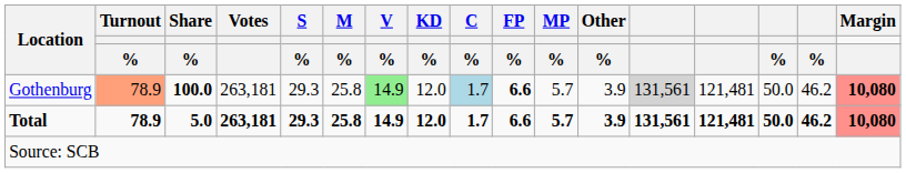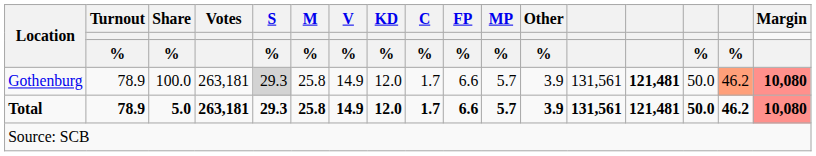 <table class="wikitable sortable" style="text-align:right; font-size:95%; line-height:20px;">
 <tr>
 <th rowspan="3">Location</th>
 <th>Turnout</th>
 <th>Share</th>
 <th>Votes</th>
 <th width="30px" class="unsortable"><a href='#'>S</a></th>
 <th width="30px" class="unsortable"><a href='#'>M</a></th>
 <th width="30px" class="unsortable"><a href='#'>V</a></th>
 <th width="30px" class="unsortable"><a href='#'>KD</a></th>
 <th width="30px" class="unsortable"><a href='#'>C</a></th>
 <th width="30px" class="unsortable"><a href='#'>FP</a></th>
 <th width="30px" class="unsortable"><a href='#'>MP</a></th>
 <th width="30px" class="unsortable">Other</th>
 <th></th>
 <th></th>
 <th></th>
 <th></th>
 <th>Margin</th>
 </tr>
 <tr>
 <th></th>
 <th></th>
 <th></th>
 <th style="background:"></th>
 <th style="background:"></th>
 <th style="background:"></th>
 <th style="background:"></th>
 <th style="background:"></th>
 <th style="background:"></th>
 <th style="background:"></th>
 <th style="background:"></th>
 <th style="background:"></th>
 <th style="background:"></th>
 <th style="background:"></th>
 <th style="background:"></th>
 </tr>
 <tr>
 <th data-sort-type="number">%</th>
 <th data-sort-type="number">%</th>
 <th></th>
 <th data-sort-type="number">%</th>
 <th data-sort-type="number">%</th>
 <th data-sort-type="number">%</th>
 <th data-sort-type="number">%</th>
 <th data-sort-type="number">%</th>
 <th data-sort-type="number">%</th>
 <th data-sort-type="number">%</th>
 <th data-sort-type="number">%</th>
 <th data-sort-type="number"></th>
 <th data-sort-type="number"></th>
 <th data-sort-type="number">%</th>
 <th data-sort-type="number">%</th>
 <th data-sort-type="number"></th>
 </tr>
 <tr>
 <td align=left><a href='#'>Gothenburg</a></td>
-<td style="background: lightsalmon;">78.9</td>
-<td><strong>100.0</strong></td>
+<td>78.9</td>
+<td>100.0</td>
 <td>263,181</td>
-<td>29.3</td>
+<td style="background: lightgrey;">29.3</td>
 <td>25.8</td>
-<td style="background: lightgreen;">14.9</td>
+<td>14.9</td>
 <td>12.0</td>
-<td style="background: lightblue;">1.7</td>
-<td><strong>6.6</strong></td>
+<td>1.7</td>
+<td>6.6</td>
 <td>5.7</td>
 <td>3.9</td>
-<td style="background: lightgrey;">131,561</td>
-<td>121,481</td>
+<td>131,561</td>
+<td><strong>121,481</strong></td>
 <td>50.0</td>
-<td>46.2</td>
+<td style="background: lightsalmon;">46.2</td>
 <td bgcolor=#ff908c><strong>10,080</strong></td>
 </tr>
 <tr>
 <td align=left><strong>Total</strong></td>
 <td><strong>78.9</strong></td>
 <td><strong>5.0</strong></td>
 <td><strong>263,181</strong></td>
 <td><strong>29.3</strong></td>
 <td><strong>25.8</strong></td>
 <td><strong>14.9</strong></td>
 <td><strong>12.0</strong></td>
 <td><strong>1.7</strong></td>
 <td><strong>6.6</strong></td>
 <td><strong>5.7</strong></td>
 <td><strong>3.9</strong></td>
 <td><strong>131,561</strong></td>
 <td><strong>121,481</strong></td>
 <td><strong>50.0</strong></td>
 <td><strong>46.2</strong></td>
 <td bgcolor=#ff908c><strong>10,080</strong></td>
 </tr>
 <tr>
 <td align=left colspan=17>Source: SCB </td>
 </tr>
 </table>
